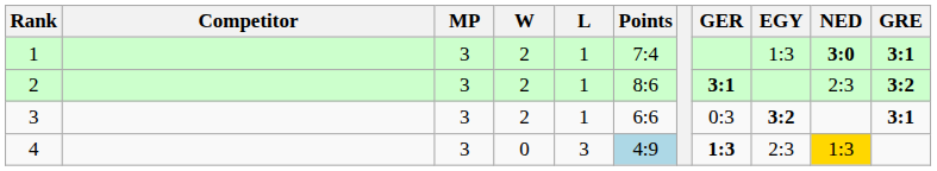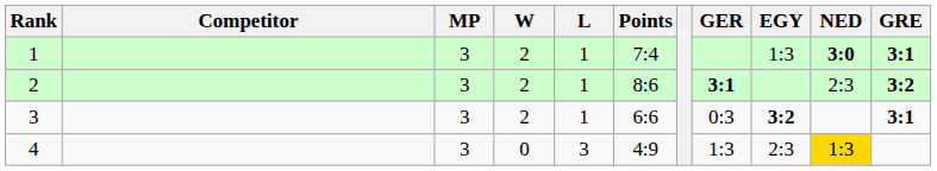 <table class="wikitable" style="text-align:center">
 <tr>
 <th>Rank</th>
 <th style="width:18em">Competitor</th>
 <th style="width:2.5em">MP</th>
 <th style="width:2.5em">W</th>
 <th style="width:2.5em">L</th>
 <th>Points</th>
 <th rowspan="5"> </th>
 <th style="width:2.5em">GER</th>
 <th style="width:2.5em">EGY</th>
 <th style="width:2.5em">NED</th>
 <th style="width:2.5em">GRE</th>
 </tr>
 <tr style="background:#cfc;">
 <td>1</td>
 <td style="text-align:left"></td>
 <td>3</td>
 <td>2</td>
 <td>1</td>
 <td>7:4</td>
 <td></td>
 <td>1:3</td>
 <td><strong>3:0</strong></td>
 <td><strong>3:1</strong></td>
 </tr>
 <tr style="background:#cfc;">
 <td>2</td>
 <td style="text-align:left"></td>
 <td>3</td>
 <td>2</td>
 <td>1</td>
 <td>8:6</td>
 <td><strong>3:1</strong></td>
 <td></td>
 <td>2:3</td>
 <td><strong>3:2</strong></td>
 </tr>
 <tr>
 <td>3</td>
 <td style="text-align:left"></td>
 <td>3</td>
 <td>2</td>
 <td>1</td>
 <td>6:6</td>
 <td>0:3</td>
 <td><strong>3:2</strong></td>
 <td></td>
 <td><strong>3:1</strong></td>
 </tr>
 <tr>
 <td>4</td>
 <td style="text-align:left"></td>
 <td>3</td>
 <td>0</td>
 <td>3</td>
-<td style="background: lightblue;">4:9</td>
-<td><strong>1:3</strong></td>
+<td>4:9</td>
+<td>1:3</td>
 <td>2:3</td>
 <td style="background: gold;">1:3</td>
 <td></td>
 </tr>
 </table>
